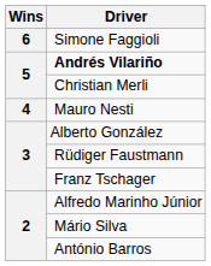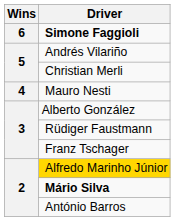 <table class="wikitable">
 <tr>
 <th>Wins</th>
 <th>Driver</th>
 </tr>
 <tr>
 <th>6</th>
-<td>  Simone Faggioli</td>
+<td><strong>  Simone Faggioli</strong></td>
 </tr>
 <tr>
 <th rowspan=2>5</th>
-<td><strong> Andrés Vilariño</strong></td>
+<td> Andrés Vilariño</td>
 </tr>
 <tr>
 <td> Christian Merli</td>
 </tr>
 <tr>
 <th>4</th>
 <td>  Mauro Nesti</td>
 </tr>
 <tr>
 <th rowspan=3>3</th>
 <td> Alberto González</td>
 </tr>
 <tr>
 <td> Rüdiger Faustmann</td>
 </tr>
 <tr>
 <td> Franz Tschager</td>
 </tr>
 <tr>
 <th rowspan=3>2</th>
-<td> Alfredo Marinho Júnior</td>
+<td style="background: gold;"> Alfredo Marinho Júnior</td>
 </tr>
 <tr>
-<td> Mário Silva</td>
+<td><strong> Mário Silva</strong></td>
 </tr>
 <tr>
 <td> António Barros</td>
 </tr>
 </table>
